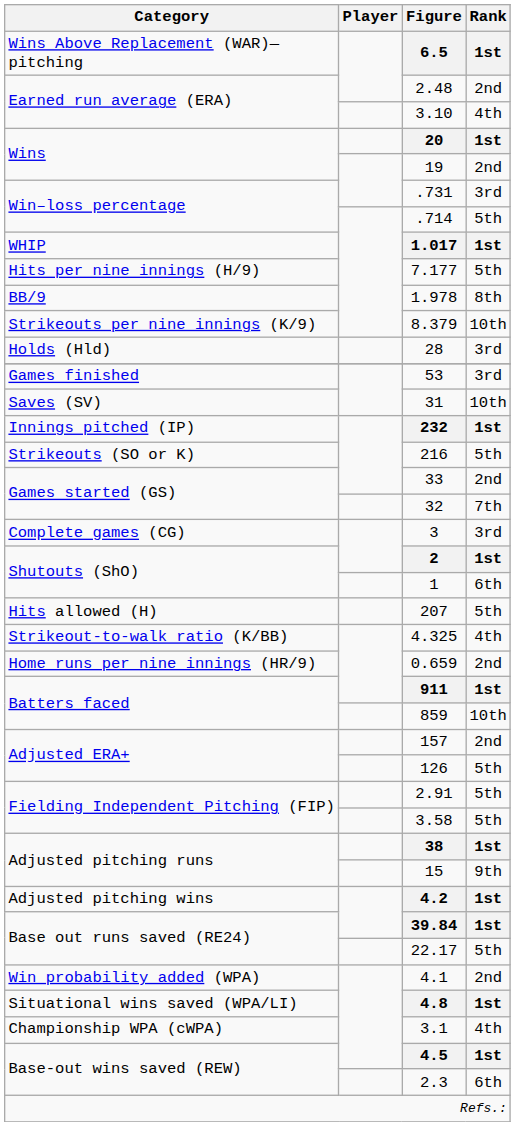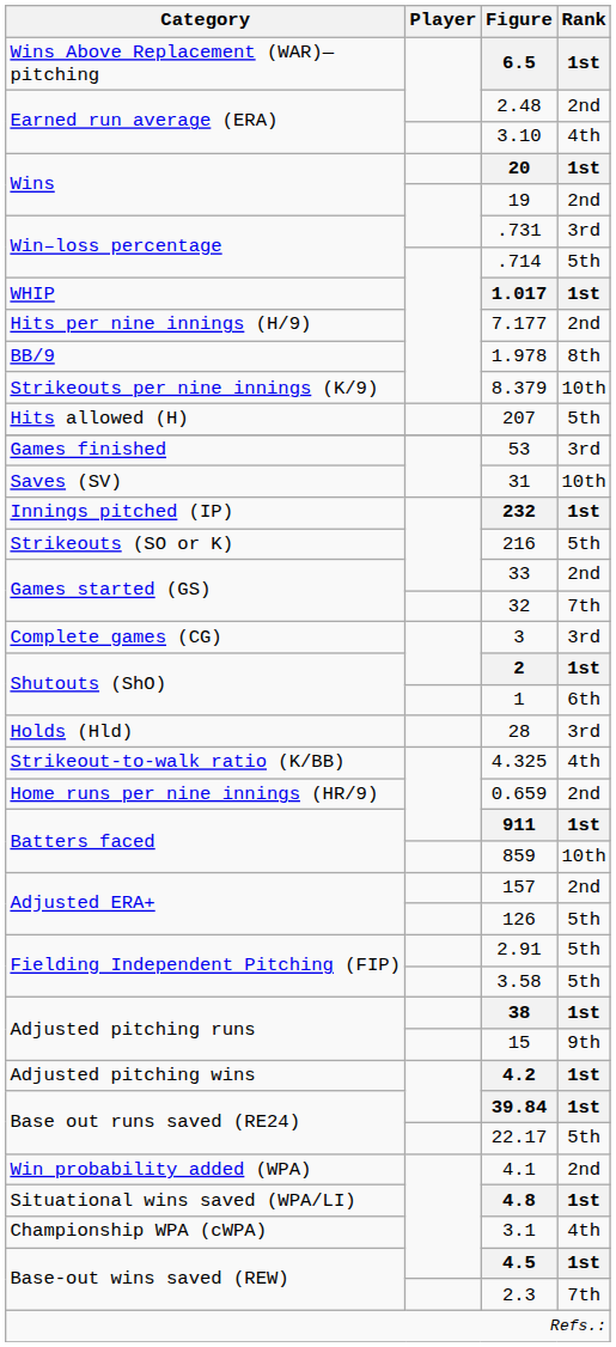 <table class="wikitable sortable sticky-header" border="1" style="font-size: 90%">
 <tr>
 <th>Category</th>
 <th>Player</th>
 <th>Figure</th>
 <th>Rank</th>
 </tr>
 <tr>
 <td><a href='#'>Wins Above Replacement</a> (WAR)—<br>pitching</td>
 <td rowspan="2"></td>
 <th align="center">6.5</th>
 <th align="center">1st</th>
 </tr>
 <tr>
 <td rowspan="2"><a href='#'>Earned run average</a> (ERA)</td>
 <td align="center">2.48</td>
 <td align="center">2nd</td>
 </tr>
 <tr>
 <td></td>
 <td align="center">3.10</td>
 <td align="center">4th</td>
 </tr>
 <tr>
 <td rowspan="2"><a href='#'>Wins</a></td>
 <td></td>
 <th align="center">20</th>
 <th align="center">1st</th>
 </tr>
 <tr>
 <td rowspan="2"></td>
 <td align="center">19</td>
 <td align="center">2nd</td>
 </tr>
 <tr>
 <td rowspan="2"><a href='#'>Win–loss percentage</a></td>
 <td align="center">.731</td>
 <td align="center">3rd</td>
 </tr>
 <tr>
 <td rowspan="5"></td>
 <td align="center">.714</td>
 <td align="center">5th</td>
 </tr>
 <tr>
 <td><a href='#'>WHIP</a></td>
 <th align="center">1.017</th>
 <th align="center">1st</th>
 </tr>
 <tr>
 <td><a href='#'>Hits per nine innings</a> (H/9)</td>
 <td align="center">7.177</td>
-<td align="center">5th</td>
+<td align="center">2nd</td>
 </tr>
 <tr>
 <td><a href='#'>BB/9</a></td>
 <td align="center">1.978</td>
 <td align="center">8th</td>
 </tr>
 <tr>
 <td><a href='#'>Strikeouts per nine innings</a> (K/9)</td>
 <td align="center">8.379</td>
 <td align="center">10th</td>
 </tr>
 <tr>
-<td><a href='#'>Holds</a> (Hld)</td>
+<td><a href='#'>Hits</a> allowed (H)</td>
 <td></td>
-<td align="center">28</td>
-<td align="center">3rd</td>
+<td align="center">207</td>
+<td align="center">5th</td>
 </tr>
 <tr>
 </tr>
 <tr>
 <td><a href='#'>Games finished</a></td>
 <td rowspan="2"></td>
 <td align="center">53</td>
 <td align="center">3rd</td>
 </tr>
 <tr>
 <td><a href='#'>Saves</a> (SV)</td>
 <td align="center">31</td>
 <td align="center">10th</td>
 </tr>
 <tr>
 <td><a href='#'>Innings pitched</a> (IP)</td>
 <td rowspan="3"></td>
 <th align="center">232</th>
 <th align="center">1st</th>
 </tr>
 <tr>
 <td><a href='#'>Strikeouts</a> (SO or K)</td>
 <td align="center">216</td>
 <td align="center">5th</td>
 </tr>
 <tr>
 <td rowspan="2"><a href='#'>Games started</a> (GS)</td>
 <td align="center">33</td>
 <td align="center">2nd</td>
 </tr>
 <tr>
 <td></td>
 <td align="center">32</td>
 <td align="center">7th</td>
 </tr>
 <tr>
 <td><a href='#'>Complete games</a> (CG)</td>
 <td rowspan="2"></td>
 <td align="center">3</td>
 <td align="center">3rd</td>
 </tr>
 <tr>
 <td rowspan="2"><a href='#'>Shutouts</a> (ShO)</td>
 <th align="center">2</th>
 <th align="center">1st</th>
 </tr>
 <tr>
 <td></td>
 <td align="center">1</td>
 <td align="center">6th</td>
 </tr>
 <tr>
-<td><a href='#'>Hits</a> allowed (H)</td>
+<td><a href='#'>Holds</a> (Hld)</td>
 <td></td>
-<td align="center">207</td>
-<td align="center">5th</td>
+<td align="center">28</td>
+<td align="center">3rd</td>
 </tr>
 <tr>
 <td><a href='#'>Strikeout-to-walk ratio</a> (K/BB)</td>
 <td rowspan="3"></td>
 <td align="center">4.325</td>
 <td align="center">4th</td>
 </tr>
 <tr>
 <td><a href='#'>Home runs per nine innings</a> (HR/9)</td>
 <td align="center">0.659</td>
 <td align="center">2nd</td>
 </tr>
 <tr>
 <td rowspan="2"><a href='#'>Batters faced</a></td>
 <th align="center">911</th>
 <th align="center">1st</th>
 </tr>
 <tr>
 <td></td>
 <td align="center">859</td>
 <td align="center">10th</td>
 </tr>
 <tr>
 <td rowspan="2"><a href='#'>Adjusted ERA+</a></td>
 <td></td>
 <td align="center">157</td>
 <td align="center">2nd</td>
 </tr>
 <tr>
 <td></td>
 <td align="center">126</td>
 <td align="center">5th</td>
 </tr>
 <tr>
 <td rowspan="2"><a href='#'>Fielding Independent Pitching</a> (FIP)</td>
 <td></td>
 <td align="center">2.91</td>
 <td align="center">5th</td>
 </tr>
 <tr>
 <td></td>
 <td align="center">3.58</td>
 <td align="center">5th</td>
 </tr>
 <tr>
 <td rowspan="2">Adjusted pitching runs</td>
 <td></td>
 <th align="center">38</th>
 <th align="center">1st</th>
 </tr>
 <tr>
 <td></td>
 <td align="center">15</td>
 <td align="center">9th</td>
 </tr>
 <tr>
 <td>Adjusted pitching wins</td>
 <td rowspan="2"></td>
 <th align="center">4.2</th>
 <th align="center">1st</th>
 </tr>
 <tr>
 <td rowspan="2">Base out runs saved (RE24)</td>
 <th align="center">39.84</th>
 <th align="center">1st</th>
 </tr>
 <tr>
 <td></td>
 <td align="center">22.17</td>
 <td align="center">5th</td>
 </tr>
 <tr>
 <td><a href='#'>Win probability added</a> (WPA)</td>
 <td rowspan="4"></td>
 <td align="center">4.1</td>
 <td align="center">2nd</td>
 </tr>
 <tr>
 <td>Situational wins saved (WPA/LI)</td>
 <th align="center">4.8</th>
 <th align="center">1st</th>
 </tr>
 <tr>
 <td>Championship WPA (cWPA)</td>
 <td align="center">3.1</td>
 <td align="center">4th</td>
 </tr>
 <tr>
 <td rowspan="2">Base-out wins saved (REW)</td>
 <th align="center">4.5</th>
 <th align="center">1st</th>
 </tr>
 <tr>
 <td></td>
 <td align="center">2.3</td>
-<td align="center">6th</td>
+<td align="center">7th</td>
 </tr>
 <tr class="sortbottom">
 <td colspan="4;" align="right"><small><em>Refs.:</em></small></td>
 </tr>
 </table>
